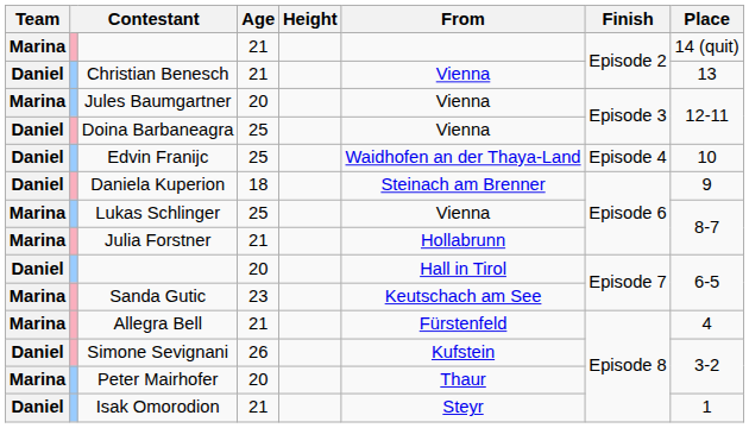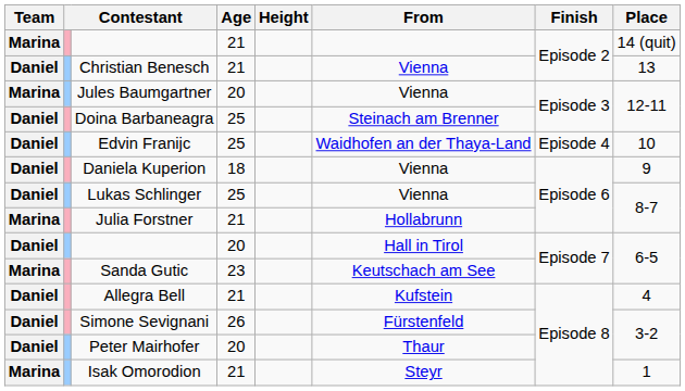 <table class="wikitable sortable" style="text-align:center;">
 <tr>
 <th>Team</th>
 <th colspan="2">Contestant</th>
 <th>Age</th>
 <th>Height</th>
 <th>From</th>
 <th>Finish</th>
 <th>Place</th>
 </tr>
 <tr>
 <th><span>Marina</span></th>
 <td style="background:#faafbe"></td>
 <td></td>
 <td>21</td>
 <td></td>
 <td></td>
 <td rowspan="2">Episode 2</td>
 <td>14 (quit)</td>
 </tr>
 <tr>
 <th><span>Daniel</span></th>
 <td style="background:#9cf;"></td>
 <td>Christian Benesch</td>
 <td>21</td>
 <td></td>
 <td><a href='#'>Vienna</a></td>
 <td>13</td>
 </tr>
 <tr>
 <th><span>Marina</span></th>
 <td style="background:#9cf;"></td>
 <td>Jules Baumgartner</td>
 <td>20</td>
 <td></td>
 <td>Vienna</td>
 <td rowspan="2">Episode 3</td>
 <td rowspan="2">12-11</td>
 </tr>
 <tr>
 <th><span>Daniel</span></th>
 <td style="background:#faafbe"></td>
 <td>Doina Barbaneagra</td>
 <td>25</td>
 <td></td>
-<td>Vienna</td>
+<td><a href='#'>Steinach am Brenner</a></td>
 </tr>
 <tr>
 <th><span>Daniel</span></th>
 <td style="background:#9cf;"></td>
 <td>Edvin Franijc</td>
 <td>25</td>
 <td></td>
 <td><a href='#'>Waidhofen an der Thaya-Land</a></td>
 <td>Episode 4</td>
 <td>10</td>
 </tr>
 <tr>
 <th><span>Daniel</span></th>
 <td style="background:#faafbe"></td>
 <td>Daniela Kuperion</td>
 <td>18</td>
 <td></td>
-<td><a href='#'>Steinach am Brenner</a></td>
+<td>Vienna</td>
 <td rowspan="3">Episode 6</td>
 <td>9</td>
 </tr>
 <tr>
-<th><span>Marina</span></th>
+<th><span>Daniel</span></th>
 <td style="background:#9cf;"></td>
 <td>Lukas Schlinger</td>
 <td>25</td>
 <td></td>
 <td>Vienna</td>
 <td rowspan="2">8-7</td>
 </tr>
 <tr>
 <th><span>Marina</span></th>
 <td style="background:#faafbe"></td>
 <td>Julia Forstner</td>
 <td>21</td>
 <td></td>
 <td><a href='#'>Hollabrunn</a></td>
 </tr>
 <tr>
 <th><span>Daniel</span></th>
 <td style="background:#9cf;"></td>
 <td></td>
 <td>20</td>
 <td></td>
 <td><a href='#'>Hall in Tirol</a></td>
 <td rowspan="2">Episode 7</td>
 <td rowspan="2">6-5</td>
 </tr>
 <tr>
 <th><span>Marina</span></th>
 <td style="background:#faafbe"></td>
 <td>Sanda Gutic</td>
 <td>23</td>
 <td></td>
 <td><a href='#'>Keutschach am See</a></td>
 </tr>
 <tr>
-<th><span>Marina</span></th>
+<th><span>Daniel</span></th>
 <td style="background:#faafbe"></td>
 <td>Allegra Bell</td>
 <td>21</td>
 <td></td>
-<td><a href='#'>Fürstenfeld</a></td>
+<td><a href='#'>Kufstein</a></td>
 <td rowspan="4">Episode 8</td>
 <td>4</td>
 </tr>
 <tr>
 <th><span>Daniel</span></th>
 <td style="background:#faafbe"></td>
 <td>Simone Sevignani</td>
 <td>26</td>
 <td></td>
-<td><a href='#'>Kufstein</a></td>
+<td><a href='#'>Fürstenfeld</a></td>
 <td rowspan="2">3-2</td>
 </tr>
 <tr>
-<th><span>Marina</span></th>
+<th><span>Daniel</span></th>
 <td style="background:#9cf;"></td>
 <td>Peter Mairhofer</td>
 <td>20</td>
 <td></td>
 <td><a href='#'>Thaur</a></td>
 </tr>
 <tr>
-<th><span>Daniel</span></th>
+<th><span>Marina</span></th>
 <td style="background:#9cf;"></td>
 <td>Isak Omorodion</td>
 <td>21</td>
 <td></td>
 <td><a href='#'>Steyr</a></td>
 <td>1</td>
 </tr>
 </table>
